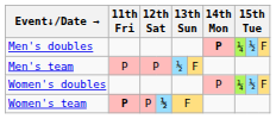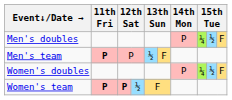 <table class="wikitable" style="margin:0.5em auto; font-size:90%; line-height:1.25em; text-align:center;">
 <tr>
 <th>Event↓/Date →</th>
 <th>11th<br>Fri</th>
 <th colspan=2>12th<br>Sat</th>
 <th colspan=2>13th<br>Sun</th>
 <th>14th<br>Mon</th>
 <th colspan=3>15th<br>Tue</th>
 </tr>
 <tr>
 <td align="left"><a href='#'>Men's doubles</a></td>
 <td></td>
 <td colspan=2></td>
 <td colspan=2></td>
-<td bgcolor="#FFBBBB"><strong>P</strong></td>
+<td bgcolor="#FFBBBB">P</td>
 <td bgcolor="#AFF55B">¼</td>
 <td bgcolor="#97DEFF">½</td>
 <td bgcolor="#FFDF80">F</td>
 </tr>
 <tr>
 <td align="left"><a href='#'>Men's team</a></td>
-<td bgcolor="#FFBBBB">P</td>
+<td bgcolor="#FFBBBB"><strong>P</strong></td>
 <td colspan=2 bgcolor="#FFBBBB">P</td>
 <td bgcolor="#97DEFF">½</td>
 <td bgcolor="#FFDF80">F</td>
 <td></td>
 <td colspan=3></td>
 </tr>
 <tr>
 <td align="left"><a href='#'>Women's doubles</a></td>
 <td></td>
 <td colspan=2></td>
 <td colspan=2></td>
 <td bgcolor="#FFBBBB">P</td>
 <td bgcolor="#AFF55B">¼</td>
 <td bgcolor="#97DEFF">½</td>
 <td bgcolor="#FFDF80">F</td>
 </tr>
 <tr>
 <td align="left"><a href='#'>Women's team</a></td>
 <td bgcolor="#FFBBBB"><strong>P</strong></td>
-<td bgcolor="#FFBBBB">P</td>
-<td bgcolor="#97DEFF"><strong>½</strong></td>
+<td bgcolor="#FFBBBB"><strong>P</strong></td>
+<td bgcolor="#97DEFF">½</td>
 <td colspan=2 bgcolor="#FFDF80">F</td>
 <td></td>
 <td colspan=3></td>
 </tr>
 </table>
